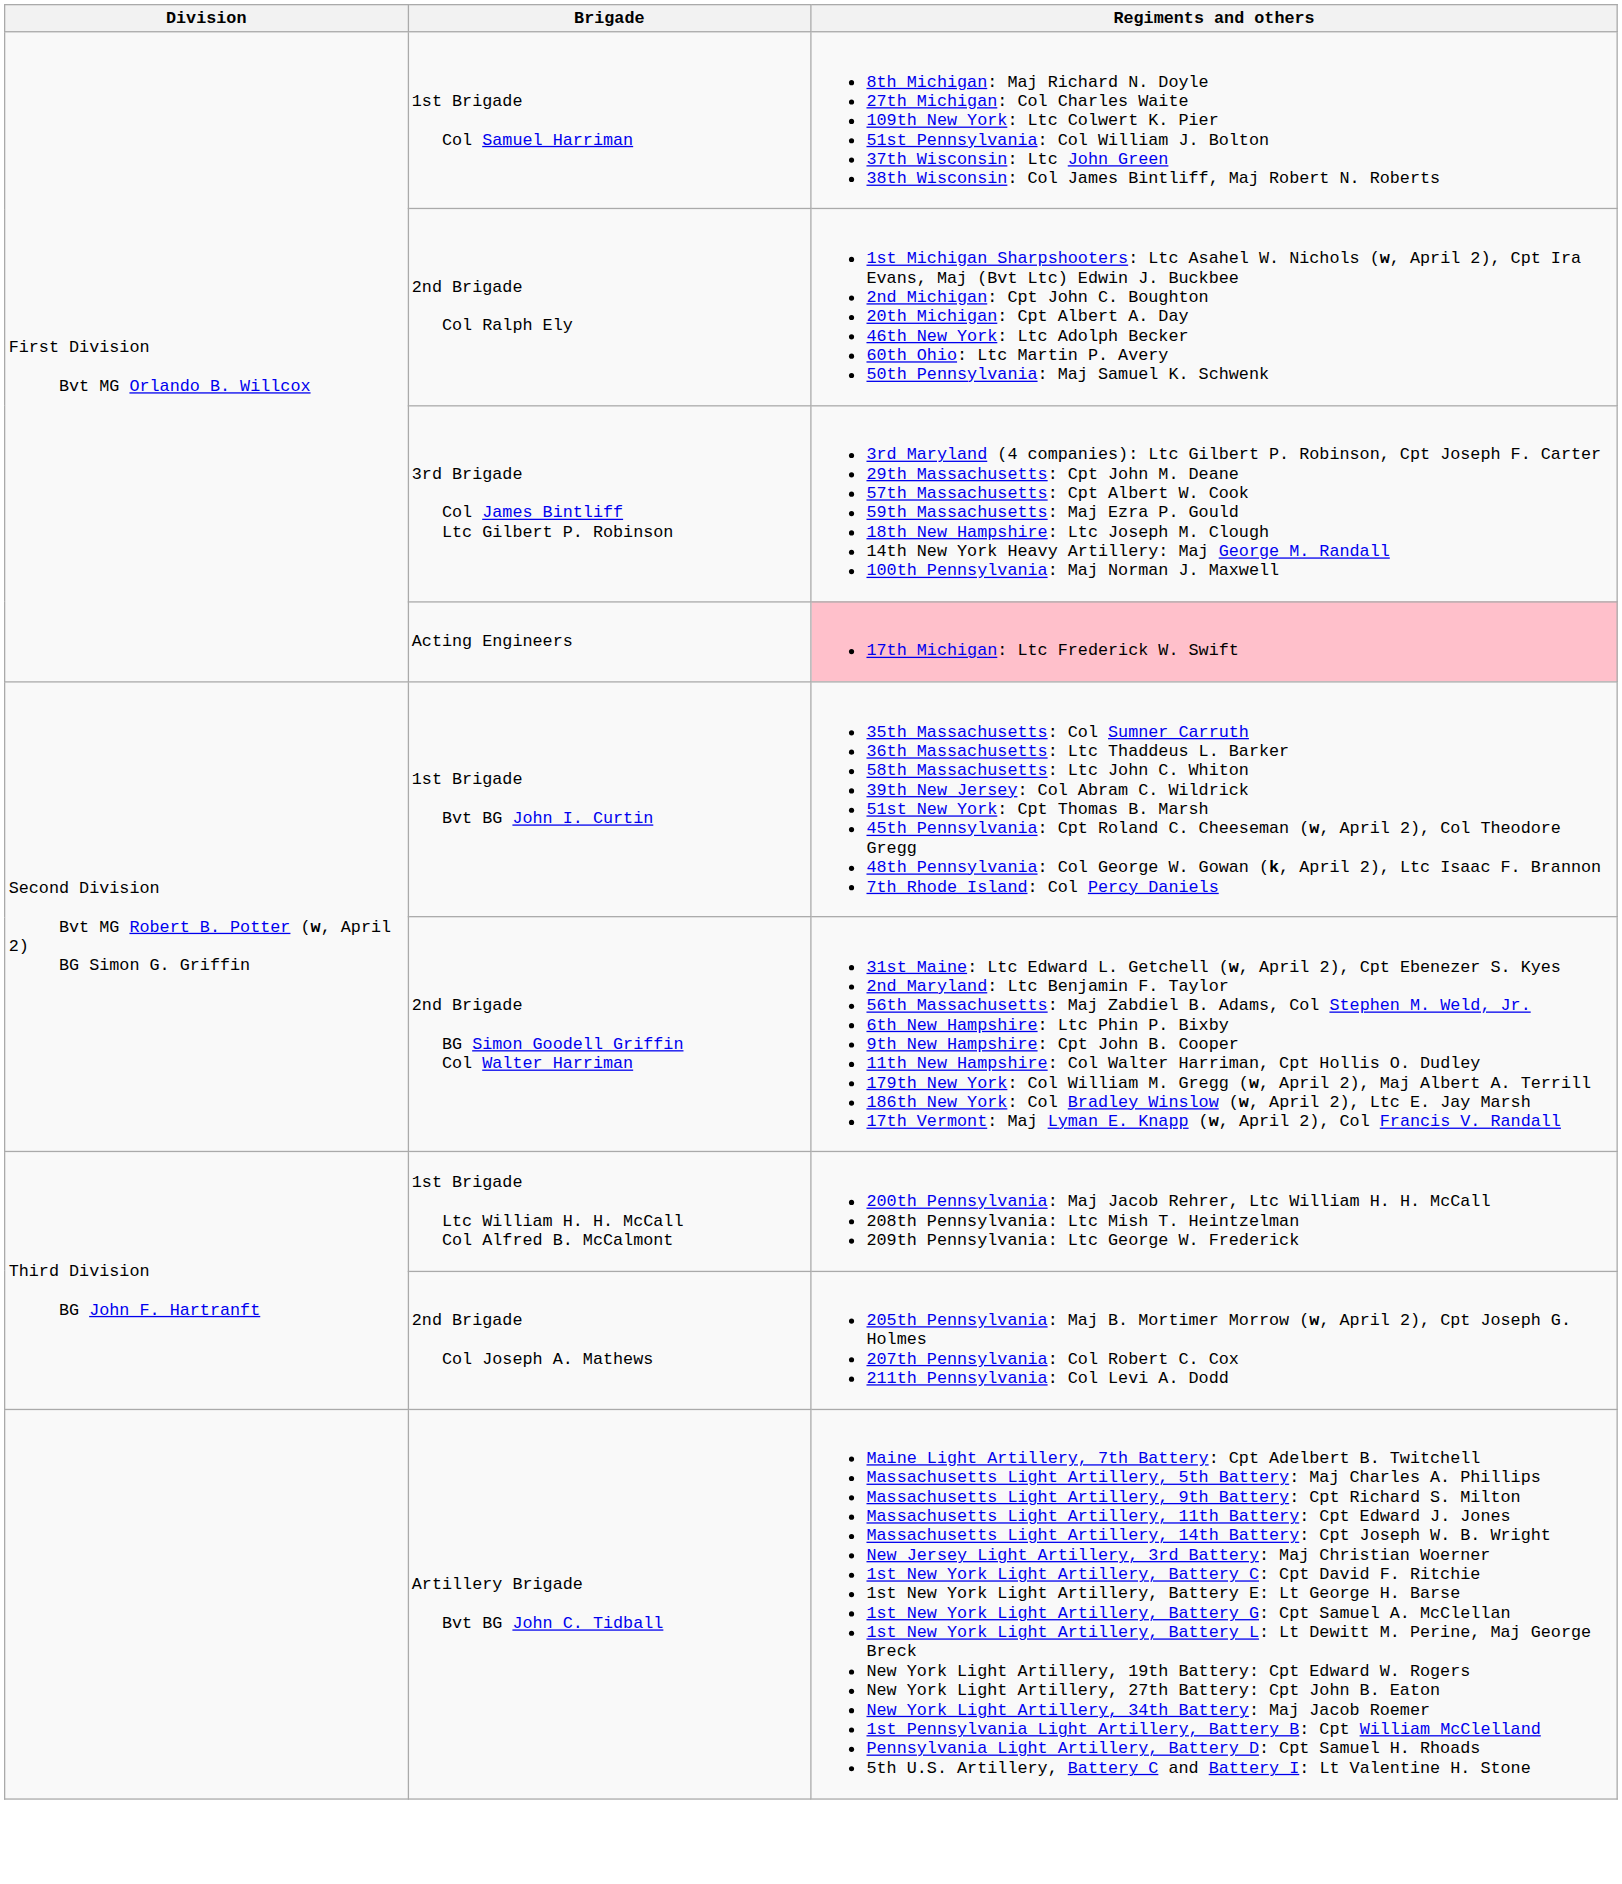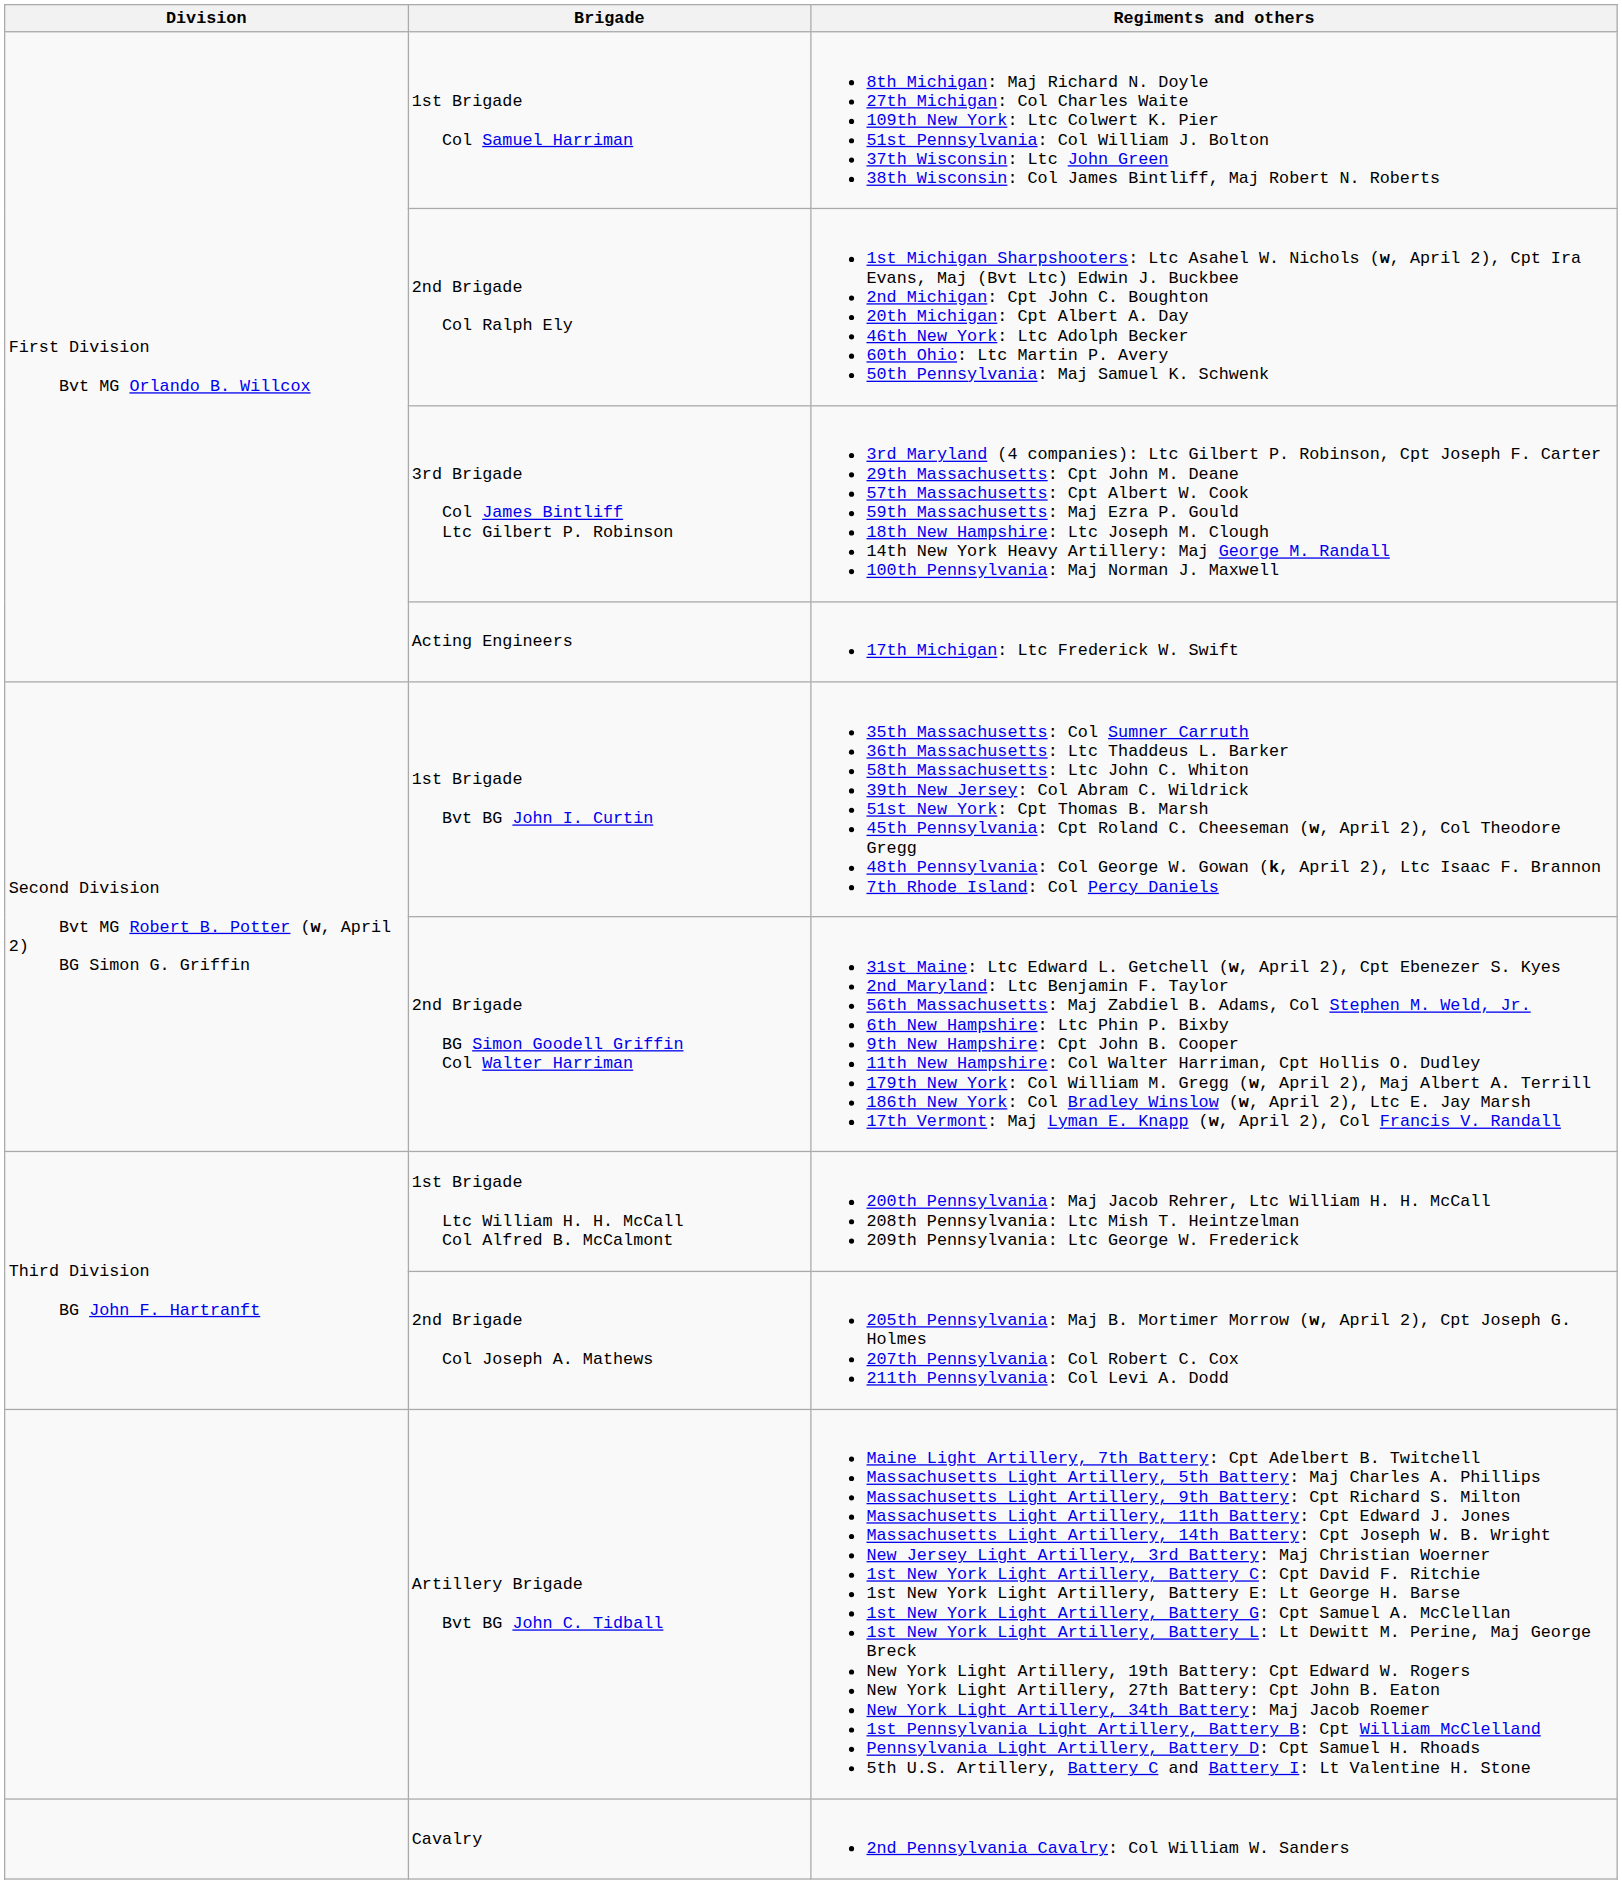 <table class="wikitable">
 <tr>
 <th style="width:25%;">Division</th>
 <th style="width:25%;">Brigade</th>
 <th>Regiments and others</th>
 </tr>
 <tr>
 <td rowspan=4><br>First Division<br><br>     Bvt MG <a href='#'>Orlando B. Willcox</a> </td>
 <td>1st Brigade<br><br>   Col <a href='#'>Samuel Harriman</a></td>
 <td><br><ul><li><a href='#'>8th Michigan</a>: Maj Richard N. Doyle</li><li><a href='#'>27th Michigan</a>: Col Charles Waite</li><li><a href='#'>109th New York</a>: Ltc Colwert K. Pier</li><li><a href='#'>51st Pennsylvania</a>: Col William J. Bolton</li><li><a href='#'>37th Wisconsin</a>: Ltc <a href='#'>John Green</a></li><li><a href='#'>38th Wisconsin</a>: Col James Bintliff, Maj Robert N. Roberts</li></ul></td>
 </tr>
 <tr>
 <td>2nd Brigade<br><br>   Col Ralph Ely</td>
 <td><br><ul><li><a href='#'>1st Michigan Sharpshooters</a>: Ltc Asahel W. Nichols (<strong>w</strong>, April 2), Cpt Ira Evans,  Maj (Bvt Ltc) Edwin J. Buckbee</li><li><a href='#'>2nd Michigan</a>: Cpt John C. Boughton</li><li><a href='#'>20th Michigan</a>: Cpt Albert A. Day</li><li><a href='#'>46th New York</a>: Ltc Adolph Becker</li><li><a href='#'>60th Ohio</a>: Ltc Martin P. Avery</li><li><a href='#'>50th Pennsylvania</a>: Maj Samuel K. Schwenk</li></ul></td>
 </tr>
 <tr>
 <td>3rd Brigade<br><br>   Col <a href='#'>James Bintliff</a> <br>   Ltc Gilbert P. Robinson</td>
 <td><br><ul><li><a href='#'>3rd Maryland</a> (4 companies): Ltc Gilbert P. Robinson, Cpt Joseph F. Carter</li><li><a href='#'>29th Massachusetts</a>: Cpt John M. Deane</li><li><a href='#'>57th Massachusetts</a>: Cpt Albert W. Cook</li><li><a href='#'>59th Massachusetts</a>: Maj Ezra P. Gould</li><li><a href='#'>18th New Hampshire</a>: Ltc Joseph M. Clough</li><li>14th New York Heavy Artillery:  Maj <a href='#'>George M. Randall</a></li><li><a href='#'>100th Pennsylvania</a>: Maj Norman J. Maxwell</li></ul></td>
 </tr>
 <tr>
 <td>Acting Engineers</td>
-<td style="background: pink;"><br><ul><li><a href='#'>17th Michigan</a>: Ltc Frederick W. Swift</li></ul></td>
+<td><br><ul><li><a href='#'>17th Michigan</a>: Ltc Frederick W. Swift</li></ul></td>
 </tr>
 <tr>
 <td rowspan=2><br>Second Division<br><br>     Bvt MG <a href='#'>Robert B. Potter</a> (<strong>w</strong>, April 2) <br>     BG Simon G. Griffin </td>
 <td>1st Brigade<br><br>   Bvt BG <a href='#'>John I. Curtin</a></td>
 <td><br><ul><li><a href='#'>35th Massachusetts</a>: Col <a href='#'>Sumner Carruth</a></li><li><a href='#'>36th Massachusetts</a>: Ltc Thaddeus L. Barker</li><li><a href='#'>58th Massachusetts</a>: Ltc John C. Whiton</li><li><a href='#'>39th New Jersey</a>: Col Abram C. Wildrick</li><li><a href='#'>51st New York</a>:  Cpt Thomas B. Marsh</li><li><a href='#'>45th Pennsylvania</a>: Cpt Roland C. Cheeseman (<strong>w</strong>, April 2), Col Theodore Gregg</li><li><a href='#'>48th Pennsylvania</a>: Col George W. Gowan (<strong>k</strong>, April 2), Ltc Isaac F. Brannon</li><li><a href='#'>7th Rhode Island</a>: Col <a href='#'>Percy Daniels</a></li></ul></td>
 </tr>
 <tr>
 <td>2nd Brigade<br><br>   BG <a href='#'>Simon Goodell Griffin</a> <br>   Col <a href='#'>Walter Harriman</a></td>
 <td><br><ul><li><a href='#'>31st Maine</a>: Ltc Edward L. Getchell (<strong>w</strong>, April 2), Cpt Ebenezer S. Kyes</li><li><a href='#'>2nd Maryland</a>: Ltc Benjamin F. Taylor</li><li><a href='#'>56th Massachusetts</a>: Maj Zabdiel B. Adams, Col <a href='#'>Stephen M. Weld, Jr.</a></li><li><a href='#'>6th New Hampshire</a>: Ltc Phin P. Bixby</li><li><a href='#'>9th New Hampshire</a>: Cpt John B. Cooper</li><li><a href='#'>11th New Hampshire</a>: Col Walter Harriman, Cpt Hollis O. Dudley</li><li><a href='#'>179th New York</a>: Col William M. Gregg (<strong>w</strong>, April 2), Maj Albert A. Terrill</li><li><a href='#'>186th New York</a>: Col <a href='#'>Bradley Winslow</a> (<strong>w</strong>, April 2), Ltc E. Jay Marsh</li><li><a href='#'>17th Vermont</a>: Maj <a href='#'>Lyman E. Knapp</a> (<strong>w</strong>, April 2), Col <a href='#'>Francis V. Randall</a></li></ul></td>
 </tr>
 <tr>
 <td rowspan=2><br>Third Division<br><br>     BG <a href='#'>John F. Hartranft</a> </td>
 <td>1st Brigade<br><br>   Ltc William H. H. McCall <br>   Col Alfred B. McCalmont</td>
 <td><br><ul><li><a href='#'>200th Pennsylvania</a>: Maj Jacob Rehrer, Ltc William H. H. McCall</li><li>208th Pennsylvania: Ltc Mish T. Heintzelman</li><li>209th Pennsylvania: Ltc George W. Frederick</li></ul></td>
 </tr>
 <tr>
 <td>2nd Brigade<br><br>   Col Joseph A. Mathews</td>
 <td><br><ul><li><a href='#'>205th Pennsylvania</a>: Maj B. Mortimer Morrow (<strong>w</strong>, April 2), Cpt Joseph G. Holmes</li><li><a href='#'>207th Pennsylvania</a>: Col Robert C. Cox</li><li><a href='#'>211th Pennsylvania</a>: Col Levi A. Dodd</li></ul></td>
 </tr>
 <tr>
 <td></td>
 <td>Artillery Brigade<br><br>   Bvt BG <a href='#'>John C. Tidball</a></td>
 <td><br><ul><li><a href='#'>Maine Light Artillery, 7th Battery</a>: Cpt Adelbert B. Twitchell</li><li><a href='#'>Massachusetts Light Artillery, 5th Battery</a>: Maj Charles A. Phillips</li><li><a href='#'>Massachusetts Light Artillery, 9th Battery</a>: Cpt Richard S. Milton</li><li><a href='#'>Massachusetts Light Artillery, 11th Battery</a>: Cpt Edward J. Jones</li><li><a href='#'>Massachusetts Light Artillery, 14th Battery</a>: Cpt Joseph W. B. Wright</li><li><a href='#'>New Jersey Light Artillery, 3rd Battery</a>: Maj Christian Woerner</li><li><a href='#'>1st New York Light Artillery, Battery C</a>: Cpt David F. Ritchie</li><li>1st New York Light Artillery, Battery E: Lt George H. Barse</li><li><a href='#'>1st New York Light Artillery, Battery G</a>: Cpt Samuel A. McClellan</li><li><a href='#'>1st New York Light Artillery, Battery L</a>: Lt Dewitt M. Perine, Maj George Breck</li><li>New York Light Artillery, 19th Battery: Cpt Edward W. Rogers</li><li>New York Light Artillery, 27th Battery: Cpt John B. Eaton</li><li><a href='#'>New York Light Artillery, 34th Battery</a>: Maj Jacob Roemer</li><li><a href='#'>1st Pennsylvania Light Artillery, Battery B</a>: Cpt <a href='#'>William McClelland</a></li><li><a href='#'>Pennsylvania Light Artillery, Battery D</a>: Cpt Samuel H. Rhoads</li><li>5th U.S. Artillery, <a href='#'>Battery C</a> and <a href='#'>Battery I</a>: Lt Valentine H. Stone</li></ul></td>
 </tr>
+<tr>
+<td></td>
+<td>Cavalry</td>
+<td><br><ul><li><a href='#'>2nd Pennsylvania Cavalry</a>: Col William W. Sanders</li></ul></td>
+</tr>
 </table>
